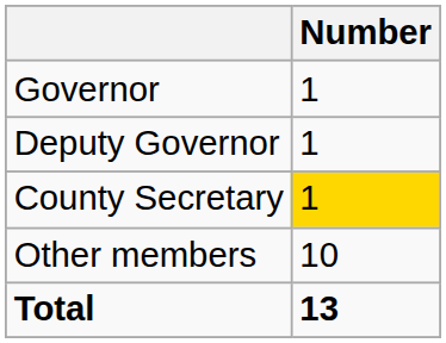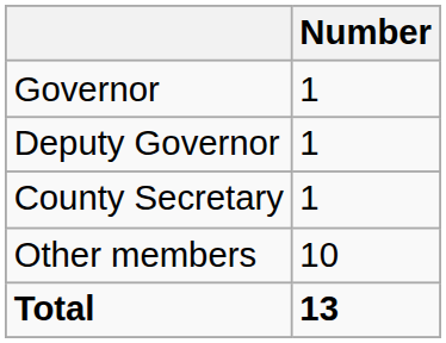 <table class="wikitable">
 <tr>
 <th></th>
 <th>Number</th>
 </tr>
 <tr>
 <td>Governor</td>
 <td>1</td>
 </tr>
 <tr>
 <td>Deputy Governor</td>
 <td>1</td>
 </tr>
 <tr>
 <td>County Secretary</td>
-<td style="background: gold;">1</td>
+<td>1</td>
 </tr>
 <tr>
 <td>Other members</td>
 <td>10</td>
 </tr>
 <tr>
 <td><strong>Total</strong></td>
 <td><strong>13</strong></td>
 </tr>
 </table>
